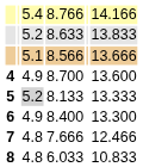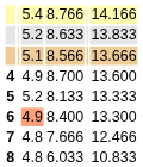 <table>
 <tr style="background: #fffcaf">
 <th scope=row style="text-align:center"></th>
 <td align=left></td>
 <td>5.4</td>
 <td>8.766</td>
 <td></td>
 <td>14.166</td>
 </tr>
 <tr style="background: #e5e5e5">
 <th scope=row style="text-align:center"></th>
 <td align=left></td>
 <td>5.2</td>
 <td>8.633</td>
 <td></td>
 <td>13.833</td>
 </tr>
 <tr style="background: #eecc99">
 <th scope=row style="text-align:center"></th>
 <td align=left></td>
 <td>5.1</td>
 <td>8.566</td>
 <td></td>
 <td>13.666</td>
 </tr>
 <tr>
 <th scope=row style="text-align:center">4</th>
 <td align=left></td>
 <td>4.9</td>
 <td>8.700</td>
 <td></td>
 <td>13.600</td>
 </tr>
 <tr>
 <th scope=row style="text-align:center">5</th>
 <td align=left></td>
-<td style="background: lightgrey;">5.2</td>
+<td>5.2</td>
 <td>8.133</td>
 <td></td>
 <td>13.333</td>
 </tr>
 <tr>
 <th scope=row style="text-align:center">6</th>
 <td align=left></td>
-<td>4.9</td>
+<td style="background: lightsalmon;">4.9</td>
 <td>8.400</td>
 <td></td>
 <td>13.300</td>
 </tr>
 <tr>
 <th scope=row style="text-align:center">7</th>
 <td align=left></td>
 <td>4.8</td>
 <td>7.666</td>
 <td></td>
 <td>12.466</td>
 </tr>
 <tr>
 <th scope=row style="text-align:center">8</th>
 <td align=left></td>
 <td>4.8</td>
 <td>6.033</td>
 <td></td>
 <td>10.833</td>
 </tr>
 <tr>
 </tr>
 </table>
